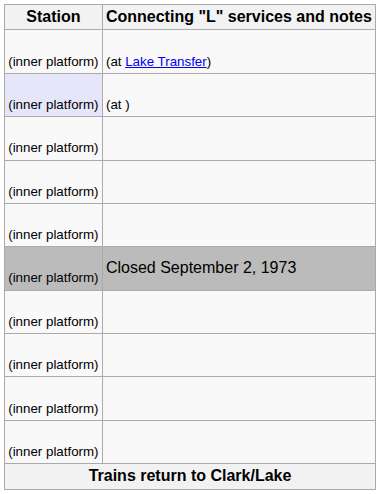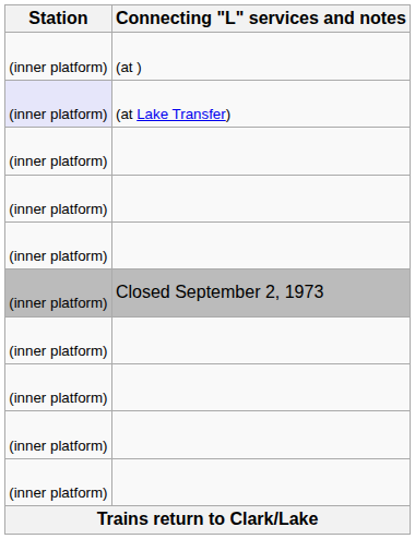 <table class="wikitable plainrowheaders">
 <tr>
 <th>Station</th>
 <th>Connecting "L" services and notes</th>
 </tr>
 <tr>
 <td><br><small>(inner platform)</small></td>
-<td>  <br> <small>(at <a href='#'>Lake Transfer</a>)</small></td>
+<td>  <br> <small>(at )</small></td>
 </tr>
 <tr>
 <td style="background: lavender;"><br><small>(inner platform)</small></td>
-<td>  <br> <small>(at )</small></td>
+<td>  <br> <small>(at <a href='#'>Lake Transfer</a>)</small></td>
 </tr>
 <tr>
 <td><br><small>(inner platform)</small></td>
 <td>  </td>
 </tr>
 <tr>
 <td><br><small>(inner platform)</small></td>
 <td>  </td>
 </tr>
 <tr>
 <td><br><small>(inner platform)</small></td>
 <td>  </td>
 </tr>
 <tr>
 <td style="background:#bbb"><br><small>(inner platform)</small></td>
 <td style="background:#bbb">Closed September 2, 1973</td>
 </tr>
 <tr>
 <td><br><small>(inner platform)</small></td>
 <td> </td>
 </tr>
 <tr>
 <td><br><small>(inner platform)</small></td>
 <td> </td>
 </tr>
 <tr>
 <td><br><small>(inner platform)</small></td>
 <td> </td>
 </tr>
 <tr>
 <td><br><small>(inner platform)</small></td>
 <td> </td>
 </tr>
 <tr>
 <th colspan=2>Trains return to Clark/Lake</th>
 </tr>
 </table>
